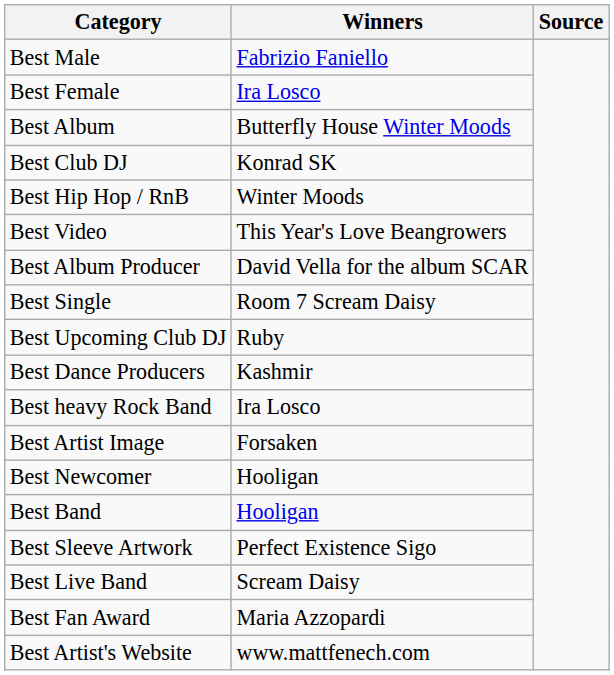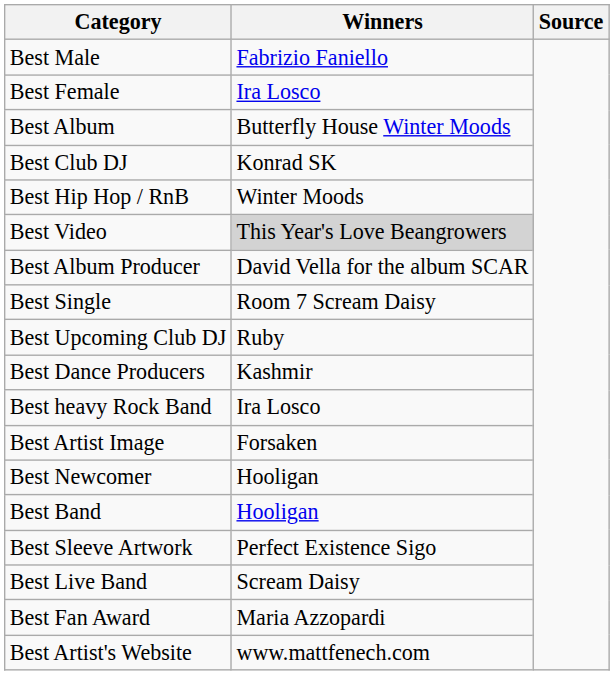 <table class="wikitable">
 <tr>
 <th>Category</th>
 <th>Winners</th>
 <th>Source</th>
 </tr>
 <tr>
 <td>Best Male</td>
 <td><a href='#'>Fabrizio Faniello</a></td>
 <td rowspan="18"></td>
 </tr>
 <tr>
 <td>Best Female</td>
 <td><a href='#'>Ira Losco</a></td>
 </tr>
 <tr>
 <td>Best Album</td>
 <td>Butterfly House  <a href='#'>Winter Moods</a></td>
 </tr>
 <tr>
 <td>Best Club DJ</td>
 <td>Konrad SK</td>
 </tr>
 <tr>
 <td>Best Hip Hop / RnB</td>
 <td>Winter Moods</td>
 </tr>
 <tr>
 <td>Best Video</td>
-<td>This Year's Love  Beangrowers</td>
+<td style="background: lightgrey;">This Year's Love  Beangrowers</td>
 </tr>
 <tr>
 <td>Best Album Producer</td>
 <td>David Vella for the album SCAR</td>
 </tr>
 <tr>
 <td>Best Single</td>
 <td>Room 7  Scream Daisy</td>
 </tr>
 <tr>
 <td>Best Upcoming Club DJ</td>
 <td>Ruby</td>
 </tr>
 <tr>
 <td>Best Dance Producers</td>
 <td>Kashmir</td>
 </tr>
 <tr>
 <td>Best heavy Rock Band</td>
 <td>Ira Losco</td>
 </tr>
 <tr>
 <td>Best Artist Image</td>
 <td>Forsaken</td>
 </tr>
 <tr>
 <td>Best Newcomer</td>
 <td>Hooligan</td>
 </tr>
 <tr>
 <td>Best Band</td>
 <td><a href='#'>Hooligan</a></td>
 </tr>
 <tr>
 <td>Best Sleeve Artwork</td>
 <td>Perfect Existence  Sigo</td>
 </tr>
 <tr>
 <td>Best Live Band</td>
 <td>Scream Daisy</td>
 </tr>
 <tr>
 <td>Best Fan Award</td>
 <td>Maria Azzopardi</td>
 </tr>
 <tr>
 <td>Best Artist's Website</td>
 <td>www.mattfenech.com</td>
 </tr>
 </table>
